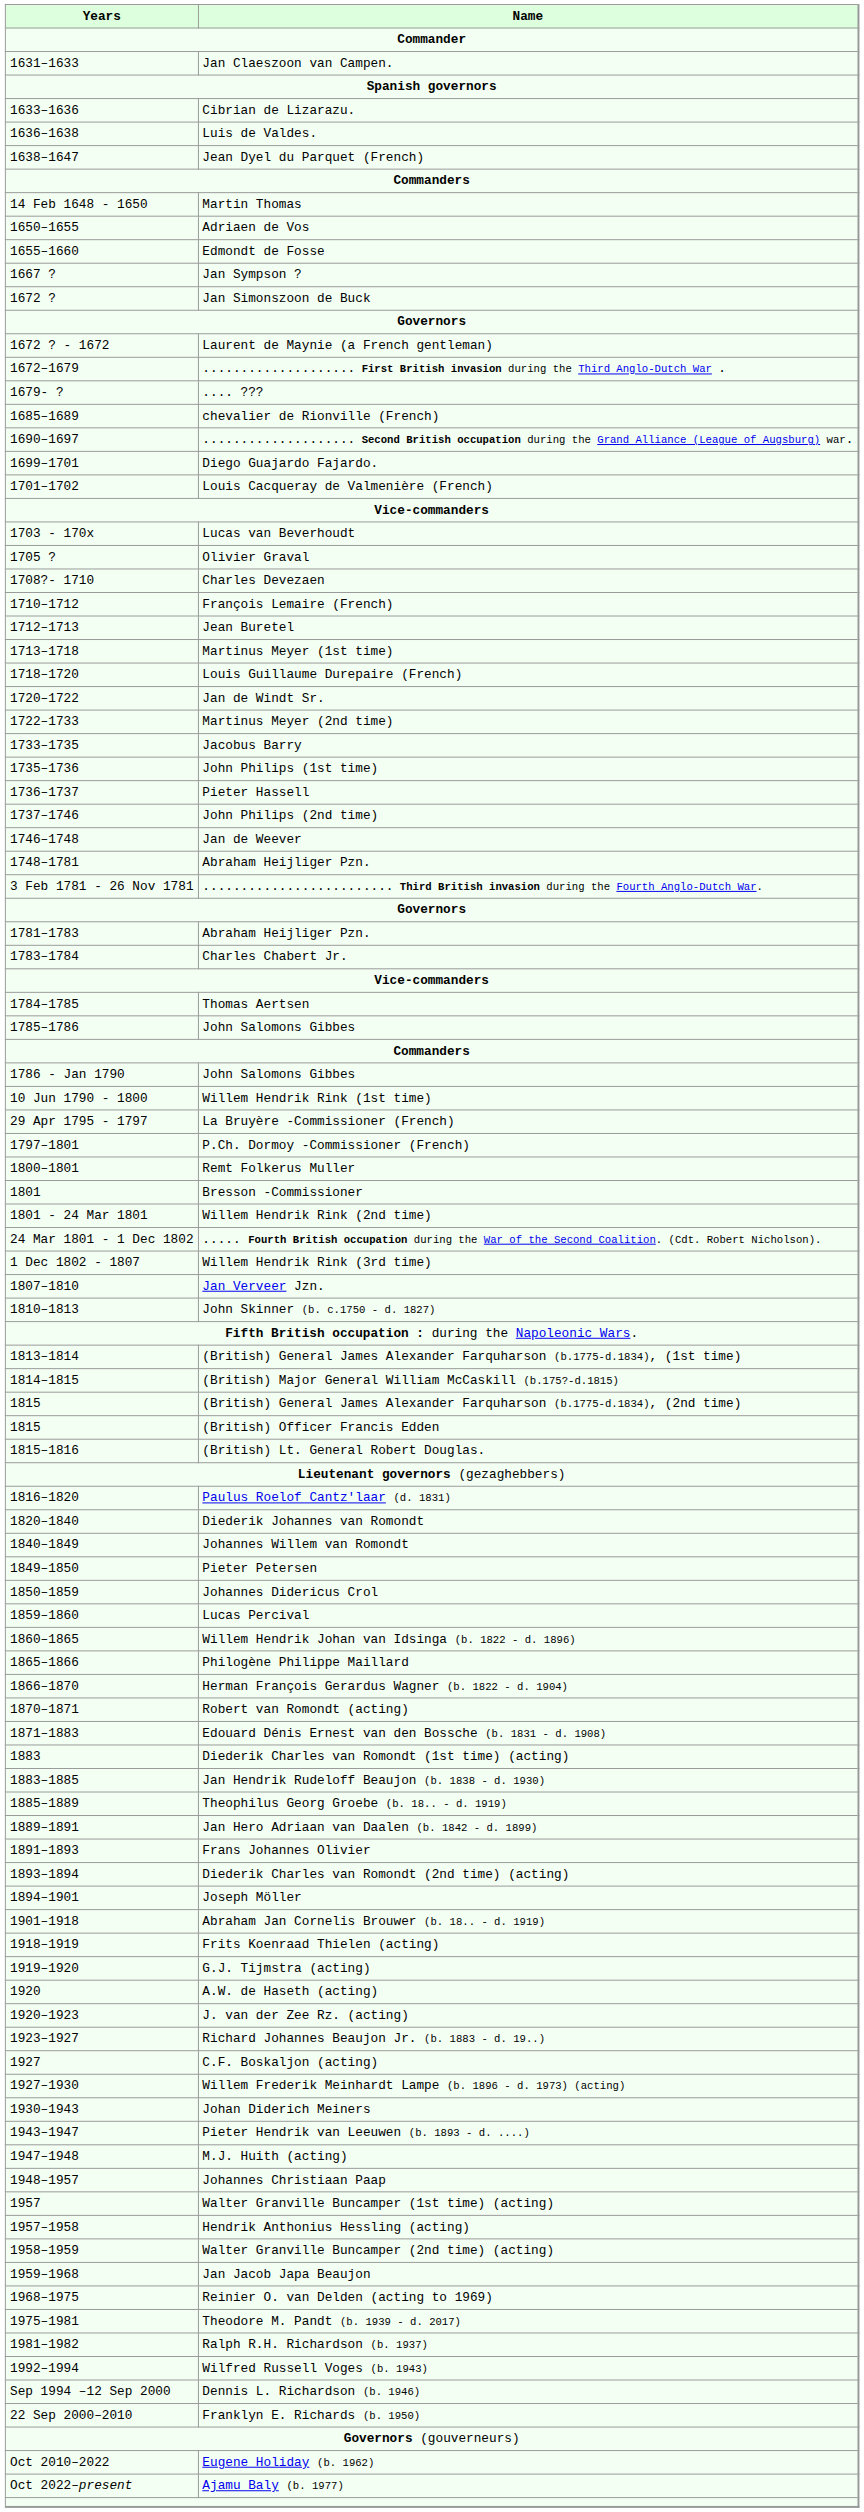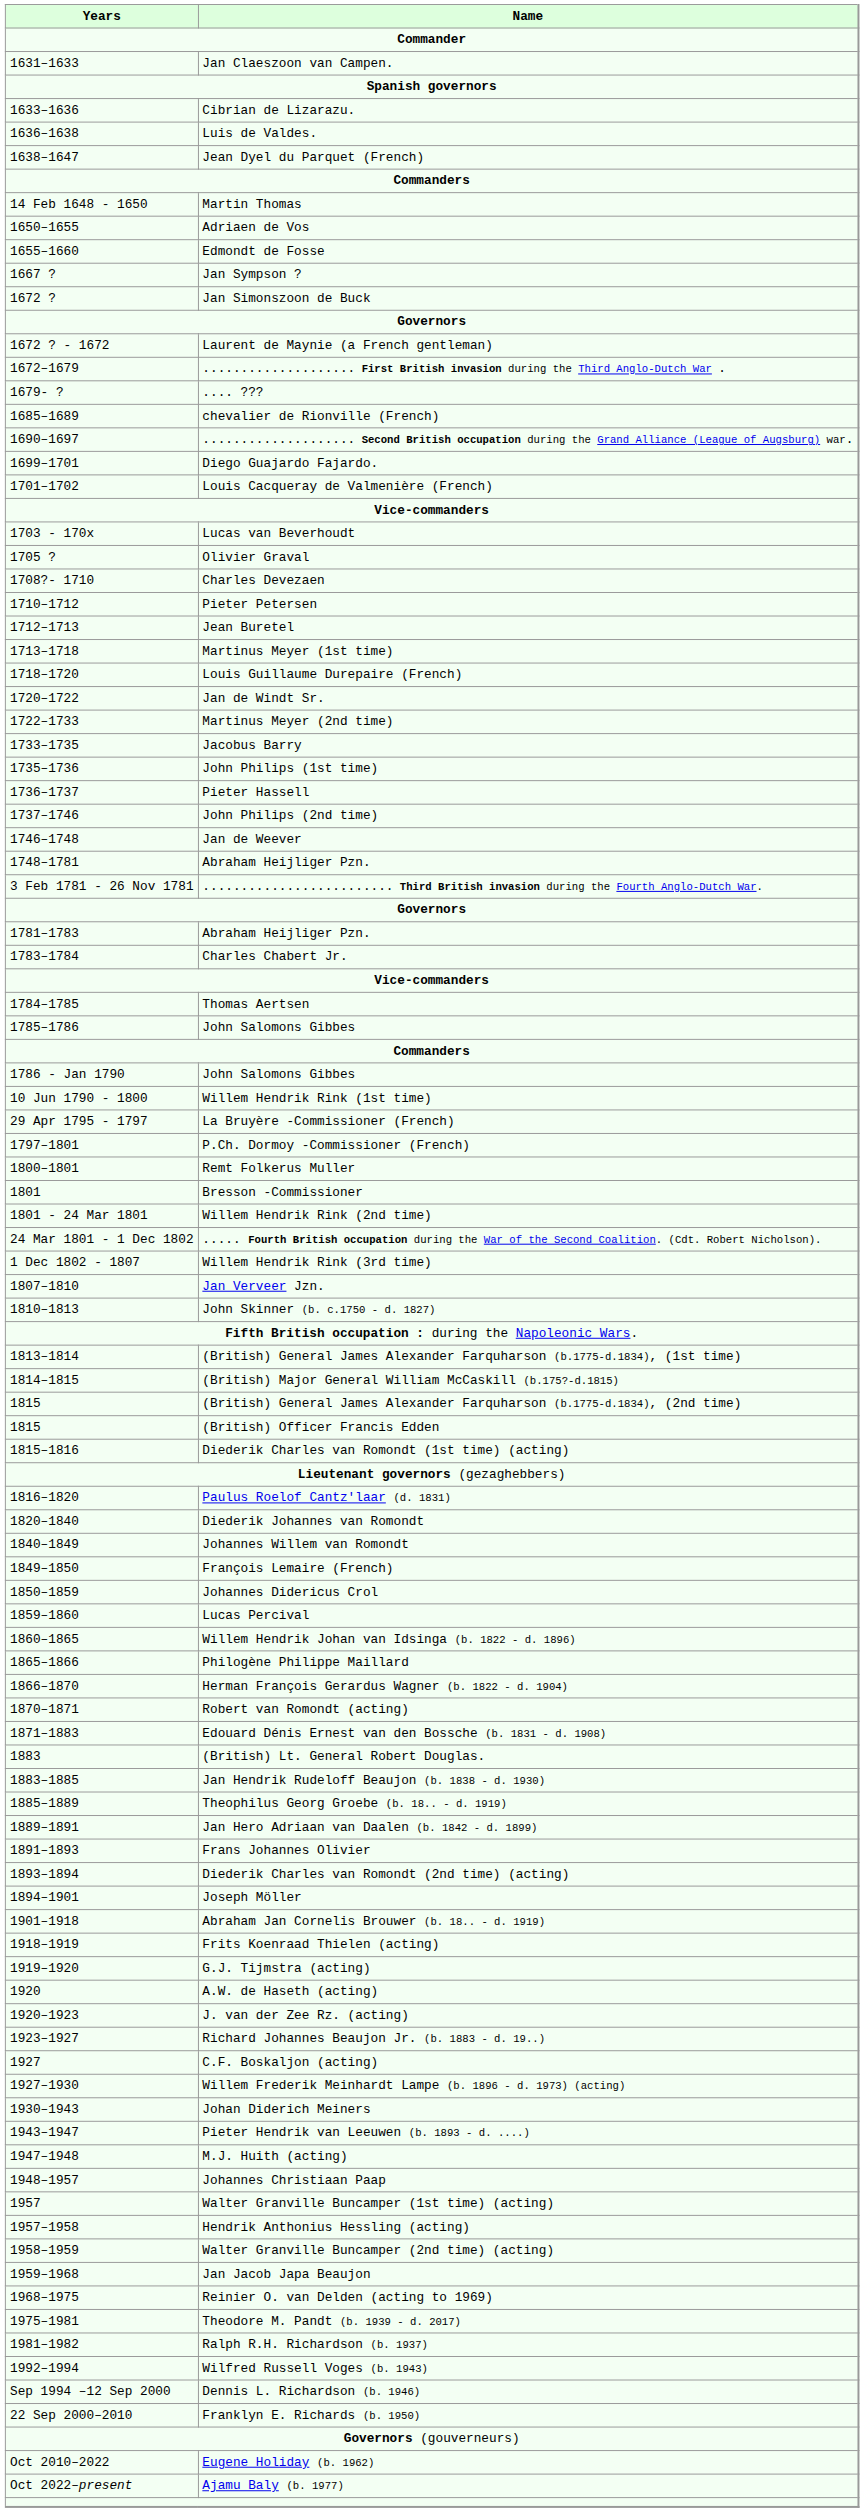 <table align="center" rules="all" cellspacing="0" cellpadding="4" style="border: 1px solid #999; border-right: 2px solid #999; border-bottom: 2px solid #999; background: #f3fff3;">
 <tr style="background:#ddffdd">
 <th>Years</th>
 <th>Name</th>
 </tr>
 <tr>
 <td colspan="2" align="center"><strong>Commander</strong></td>
 </tr>
 <tr>
 <td>1631–1633</td>
 <td>Jan Claeszoon van Campen.</td>
 </tr>
 <tr>
 <td colspan="2" align="center"><strong>Spanish governors</strong></td>
 </tr>
 <tr>
 <td>1633–1636</td>
 <td>Cibrian de Lizarazu.</td>
 </tr>
 <tr>
 <td>1636–1638</td>
 <td>Luis de Valdes.</td>
 </tr>
 <tr>
 <td>1638–1647</td>
 <td>Jean Dyel du Parquet  (French)</td>
 </tr>
 <tr>
 <td colspan="2" align="center"><strong>Commanders</strong></td>
 </tr>
 <tr>
 <td>14 Feb 1648 - 1650</td>
 <td>Martin Thomas</td>
 </tr>
 <tr>
 <td>1650–1655</td>
 <td>Adriaen de Vos</td>
 </tr>
 <tr>
 <td>1655–1660</td>
 <td>Edmondt de Fosse</td>
 </tr>
 <tr>
 <td>1667 ?</td>
 <td>Jan Sympson ?</td>
 </tr>
 <tr>
 <td>1672 ?</td>
 <td>Jan Simonszoon de Buck</td>
 </tr>
 <tr>
 <td colspan="2" align="center"><strong>Governors</strong></td>
 </tr>
 <tr>
 <td>1672 ? - 1672</td>
 <td>Laurent de Maynie  (a French gentleman)</td>
 </tr>
 <tr>
 <td>1672–1679</td>
 <td>....................<small> <strong>First British invasion</strong> during the <a href='#'>Third Anglo-Dutch War</a> </small>.</td>
 </tr>
 <tr>
 <td>1679- ?</td>
 <td>.... ???</td>
 </tr>
 <tr>
 <td>1685–1689</td>
 <td>chevalier de Rionville (French)</td>
 </tr>
 <tr>
 <td>1690–1697</td>
 <td>....................<small> <strong>Second British occupation</strong> during the <a href='#'>Grand Alliance (League of Augsburg)</a> war</small>.</td>
 </tr>
 <tr>
 <td>1699–1701</td>
 <td>Diego Guajardo Fajardo.</td>
 </tr>
 <tr>
 <td>1701–1702</td>
 <td>Louis Cacqueray de Valmenière  (French)</td>
 </tr>
 <tr>
 <td colspan="2" align="center"><strong>Vice-commanders</strong></td>
 </tr>
 <tr>
 <td>1703 - 170x</td>
 <td>Lucas van Beverhoudt</td>
 </tr>
 <tr>
 <td>1705 ?</td>
 <td>Olivier Graval</td>
 </tr>
 <tr>
 <td>1708?- 1710</td>
 <td>Charles Devezaen</td>
 </tr>
 <tr>
 <td>1710–1712</td>
-<td>François Lemaire  (French)</td>
+<td>Pieter Petersen</td>
 </tr>
 <tr>
 <td>1712–1713</td>
 <td>Jean Buretel</td>
 </tr>
 <tr>
 <td>1713–1718</td>
 <td>Martinus Meyer (1st time)</td>
 </tr>
 <tr>
 <td>1718–1720</td>
 <td>Louis Guillaume Durepaire  (French)</td>
 </tr>
 <tr>
 <td>1720–1722</td>
 <td>Jan de Windt Sr.</td>
 </tr>
 <tr>
 <td>1722–1733</td>
 <td>Martinus Meyer (2nd time)</td>
 </tr>
 <tr>
 <td>1733–1735</td>
 <td>Jacobus Barry</td>
 </tr>
 <tr>
 <td>1735–1736</td>
 <td>John Philips (1st time)</td>
 </tr>
 <tr>
 <td>1736–1737</td>
 <td>Pieter Hassell</td>
 </tr>
 <tr>
 <td>1737–1746</td>
 <td>John Philips (2nd time)</td>
 </tr>
 <tr>
 <td>1746–1748</td>
 <td>Jan de Weever</td>
 </tr>
 <tr>
 <td>1748–1781</td>
 <td>Abraham Heijliger Pzn.</td>
 </tr>
 <tr>
 <td>3 Feb 1781 - 26 Nov 1781</td>
 <td>.........................<small> <strong>Third British invasion</strong> during the <a href='#'>Fourth Anglo-Dutch War</a>.</small></td>
 </tr>
 <tr>
 <td colspan="2" align="center"><strong>Governors</strong></td>
 </tr>
 <tr>
 <td>1781–1783</td>
 <td>Abraham Heijliger Pzn.</td>
 </tr>
 <tr>
 <td>1783–1784</td>
 <td>Charles Chabert Jr.</td>
 </tr>
 <tr>
 <td colspan="2" align="center"><strong>Vice-commanders </strong></td>
 </tr>
 <tr>
 <td>1784–1785</td>
 <td>Thomas Aertsen</td>
 </tr>
 <tr>
 <td>1785–1786</td>
 <td>John Salomons Gibbes</td>
 </tr>
 <tr>
 <td colspan="2" align="center"><strong>Commanders </strong></td>
 </tr>
 <tr>
 <td>1786 - Jan 1790</td>
 <td>John Salomons Gibbes</td>
 </tr>
 <tr>
 <td>10 Jun 1790 - 1800</td>
 <td>Willem Hendrik Rink (1st time)</td>
 </tr>
 <tr>
 <td>29 Apr 1795 - 1797</td>
 <td>La Bruyère -Commissioner  (French)</td>
 </tr>
 <tr>
 <td>1797–1801</td>
 <td>P.Ch. Dormoy -Commissioner (French)</td>
 </tr>
 <tr>
 <td>1800–1801</td>
 <td>Remt Folkerus Muller</td>
 </tr>
 <tr>
 <td>1801</td>
 <td>Bresson -Commissioner</td>
 </tr>
 <tr>
 <td>1801 - 24 Mar 1801</td>
 <td>Willem Hendrik Rink (2nd time)</td>
 </tr>
 <tr>
 <td>24 Mar 1801 -  1 Dec 1802</td>
 <td>..... <small><strong>Fourth British occupation</strong> during the <a href='#'>War of the Second Coalition</a>. (Cdt. Robert Nicholson).</small></td>
 </tr>
 <tr>
 <td>1 Dec 1802 - 1807</td>
 <td>Willem Hendrik Rink (3rd time)</td>
 </tr>
 <tr>
 <td>1807–1810</td>
 <td><a href='#'>Jan Verveer</a> Jzn.</td>
 </tr>
 <tr>
 <td>1810–1813</td>
 <td>John Skinner <small>(b. c.1750 - d. 1827)</small></td>
 </tr>
 <tr>
 <td colspan="2" align="center"><strong>Fifth British occupation :</strong> during the <a href='#'>Napoleonic Wars</a>.</td>
 </tr>
 <tr>
 <td>1813–1814</td>
 <td>(British) General James Alexander Farquharson <small>(b.1775-d.1834)</small>, (1st time)</td>
 </tr>
 <tr>
 <td>1814–1815</td>
 <td>(British) Major General William McCaskill <small>(b.175?-d.1815)</small></td>
 </tr>
 <tr>
 <td>1815</td>
 <td>(British) General James Alexander Farquharson <small>(b.1775-d.1834)</small>, (2nd time)</td>
 </tr>
 <tr>
 <td>1815</td>
 <td>(British) Officer Francis Edden</td>
 </tr>
 <tr>
 <td>1815–1816</td>
-<td>(British) Lt. General Robert Douglas.</td>
+<td>Diederik Charles van Romondt (1st time) (acting)</td>
 </tr>
 <tr>
 <td colspan="2" align="center"><strong>Lieutenant governors</strong> (gezaghebbers)</td>
 </tr>
 <tr>
 <td>1816–1820</td>
 <td><a href='#'>Paulus Roelof Cantz'laar</a> <small>(d. 1831)</small></td>
 </tr>
 <tr>
 <td>1820–1840</td>
 <td>Diederik Johannes van Romondt</td>
 </tr>
 <tr>
 <td>1840–1849</td>
 <td>Johannes Willem van Romondt</td>
 </tr>
 <tr>
 <td>1849–1850</td>
-<td>Pieter Petersen</td>
+<td>François Lemaire  (French)</td>
 </tr>
 <tr>
 <td>1850–1859</td>
 <td>Johannes Didericus Crol</td>
 </tr>
 <tr>
 <td>1859–1860</td>
 <td>Lucas Percival</td>
 </tr>
 <tr>
 <td>1860–1865</td>
 <td>Willem Hendrik Johan van Idsinga  <small>(b. 1822 - d. 1896)</small></td>
 </tr>
 <tr>
 <td>1865–1866</td>
 <td>Philogène Philippe Maillard</td>
 </tr>
 <tr>
 <td>1866–1870</td>
 <td>Herman François Gerardus Wagner <small>(b. 1822 - d. 1904)</small></td>
 </tr>
 <tr>
 <td>1870–1871</td>
 <td>Robert van Romondt (acting)</td>
 </tr>
 <tr>
 <td>1871–1883</td>
 <td>Edouard Dénis Ernest van den Bossche <small>(b. 1831 - d. 1908)</small></td>
 </tr>
 <tr>
 <td>1883</td>
-<td>Diederik Charles van Romondt (1st time) (acting)</td>
+<td>(British) Lt. General Robert Douglas.</td>
 </tr>
 <tr>
 <td>1883–1885</td>
 <td>Jan Hendrik Rudeloff Beaujon <small>(b. 1838 - d. 1930)</small></td>
 </tr>
 <tr>
 <td>1885–1889</td>
 <td>Theophilus Georg Groebe <small>(b. 18.. - d. 1919)</small></td>
 </tr>
 <tr>
 <td>1889–1891</td>
 <td>Jan Hero Adriaan van Daalen <small>(b. 1842 - d. 1899)</small></td>
 </tr>
 <tr>
 <td>1891–1893</td>
 <td>Frans Johannes Olivier</td>
 </tr>
 <tr>
 <td>1893–1894</td>
 <td>Diederik Charles van Romondt (2nd time) (acting)</td>
 </tr>
 <tr>
 <td>1894–1901</td>
 <td>Joseph Möller</td>
 </tr>
 <tr>
 <td>1901–1918</td>
 <td>Abraham Jan Cornelis Brouwer <small>(b. 18.. - d. 1919)</small></td>
 </tr>
 <tr>
 <td>1918–1919</td>
 <td>Frits Koenraad Thielen (acting)</td>
 </tr>
 <tr>
 <td>1919–1920</td>
 <td>G.J. Tijmstra (acting)</td>
 </tr>
 <tr>
 <td>1920</td>
 <td>A.W. de Haseth (acting)</td>
 </tr>
 <tr>
 <td>1920–1923</td>
 <td>J. van der Zee Rz. (acting)</td>
 </tr>
 <tr>
 <td>1923–1927</td>
 <td>Richard Johannes Beaujon Jr. <small>(b. 1883 - d. 19..)</small></td>
 </tr>
 <tr>
 <td>1927</td>
 <td>C.F. Boskaljon (acting)</td>
 </tr>
 <tr>
 <td>1927–1930</td>
 <td>Willem Frederik Meinhardt Lampe <small>(b. 1896 - d. 1973) (acting)</small></td>
 </tr>
 <tr>
 <td>1930–1943</td>
 <td>Johan Diderich Meiners</td>
 </tr>
 <tr>
 <td>1943–1947</td>
 <td>Pieter Hendrik van Leeuwen <small>(b. 1893 - d. ....)</small></td>
 </tr>
 <tr>
 <td>1947–1948</td>
 <td>M.J. Huith (acting)</td>
 </tr>
 <tr>
 <td>1948–1957</td>
 <td>Johannes Christiaan Paap</td>
 </tr>
 <tr>
 <td>1957</td>
 <td>Walter Granville Buncamper (1st time) (acting)</td>
 </tr>
 <tr>
 <td>1957–1958</td>
 <td>Hendrik Anthonius Hessling (acting)</td>
 </tr>
 <tr>
 <td>1958–1959</td>
 <td>Walter Granville Buncamper (2nd time) (acting)</td>
 </tr>
 <tr>
 <td>1959–1968</td>
 <td>Jan Jacob Japa Beaujon</td>
 </tr>
 <tr>
 <td>1968–1975</td>
 <td>Reinier O. van Delden (acting to 1969)</td>
 </tr>
 <tr>
 <td>1975–1981</td>
 <td>Theodore M. Pandt <small>(b. 1939 - d. 2017)</small></td>
 </tr>
 <tr>
 <td>1981–1982</td>
 <td>Ralph R.H. Richardson <small>(b. 1937)</small></td>
 </tr>
 <tr>
 <td>1992–1994</td>
 <td>Wilfred Russell Voges <small>(b. 1943)</small></td>
 </tr>
 <tr>
 <td>Sep 1994 –12 Sep 2000</td>
 <td>Dennis L. Richardson <small>(b. 1946)</small></td>
 </tr>
 <tr>
 <td>22 Sep 2000–2010</td>
 <td>Franklyn E. Richards <small>(b. 1950)</small></td>
 </tr>
 <tr>
 <td colspan="2" align="center"><strong>Governors</strong> (gouverneurs)</td>
 </tr>
 <tr>
 <td>Oct 2010–2022</td>
 <td><a href='#'>Eugene Holiday</a> <small>(b. 1962)</small></td>
 </tr>
 <tr>
 <td>Oct 2022–<em>present</em></td>
 <td><a href='#'>Ajamu Baly</a> <small>(b. 1977)</small></td>
 </tr>
 <tr>
 <td colspan="2" align="center"></td>
 </tr>
 </table>
